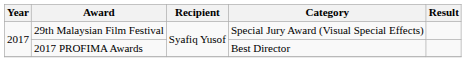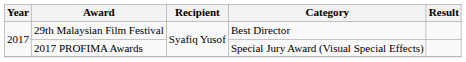 <table class="wikitable">
 <tr>
 <th>Year</th>
 <th>Award</th>
 <th>Recipient</th>
 <th>Category</th>
 <th>Result</th>
 </tr>
 <tr>
 <td rowspan="2">2017</td>
 <td>29th Malaysian Film Festival</td>
 <td rowspan="2">Syafiq Yusof</td>
-<td>Special Jury Award (Visual Special Effects)</td>
+<td>Best Director</td>
 <td></td>
 </tr>
 <tr>
 <td>2017 PROFIMA Awards</td>
-<td>Best Director</td>
+<td>Special Jury Award (Visual Special Effects)</td>
 <td></td>
 </tr>
 <tr>
 </tr>
 </table>
